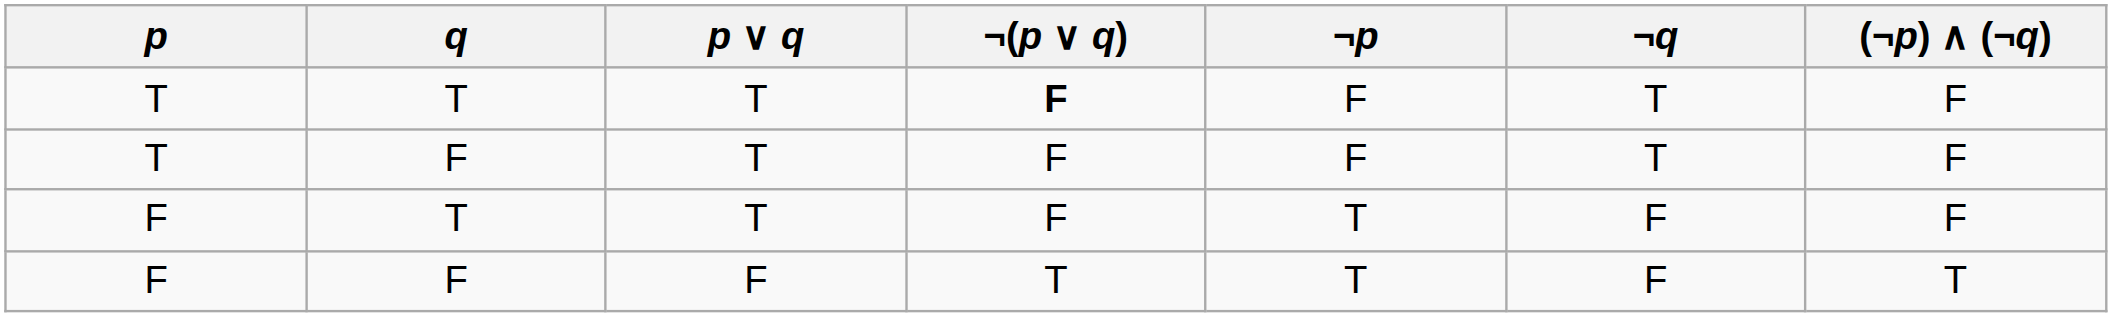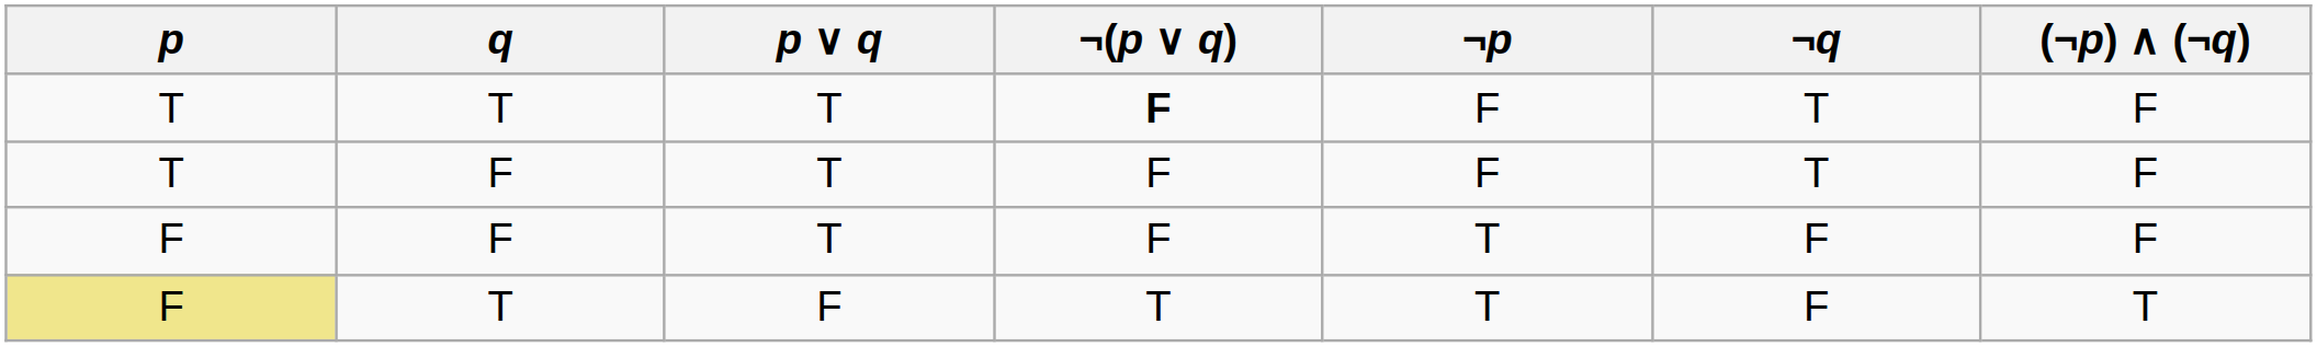 <table class="wikitable" style="margin:1em auto; text-align:center;">
 <tr>
 <th style="width:10%"><em>p</em></th>
 <th style="width:10%"><em>q</em></th>
 <th style="width:10%"><em>p</em> ∨ <em>q</em></th>
 <th style="width:10%">¬(<em>p</em> ∨ <em>q</em>)</th>
 <th style="width:10%">¬<em>p</em></th>
 <th style="width:10%">¬<em>q</em></th>
 <th style="width:10%">(¬<em>p</em>) ∧ (¬<em>q</em>)</th>
 </tr>
 <tr>
 <td>T</td>
 <td>T</td>
 <td>T</td>
 <td><strong>F</strong></td>
 <td>F</td>
 <td>T</td>
 <td>F</td>
 </tr>
 <tr>
 <td>T</td>
 <td>F</td>
 <td>T</td>
 <td>F</td>
 <td>F</td>
 <td>T</td>
 <td>F</td>
 </tr>
 <tr>
 <td>F</td>
-<td>T</td>
+<td>F</td>
 <td>T</td>
 <td>F</td>
 <td>T</td>
 <td>F</td>
 <td>F</td>
 </tr>
 <tr>
-<td>F</td>
-<td>F</td>
+<td style="background: khaki;">F</td>
+<td>T</td>
 <td>F</td>
 <td>T</td>
 <td>T</td>
 <td>F</td>
 <td>T</td>
 </tr>
 </table>
